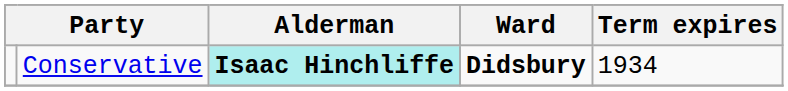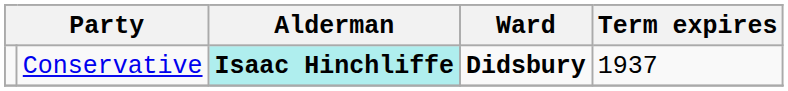 <table class="wikitable">
 <tr>
 <th colspan="2">Party</th>
 <th>Alderman</th>
 <th>Ward</th>
 <th>Term expires</th>
 </tr>
 <tr>
 <td style="background-color:"></td>
 <td><a href='#'>Conservative</a></td>
 <td style="background: paleturquoise;"><strong>Isaac Hinchliffe</strong></td>
 <td><strong>Didsbury</strong></td>
-<td>1934</td>
+<td>1937</td>
 </tr>
 <tr>
 </tr>
 </table>
